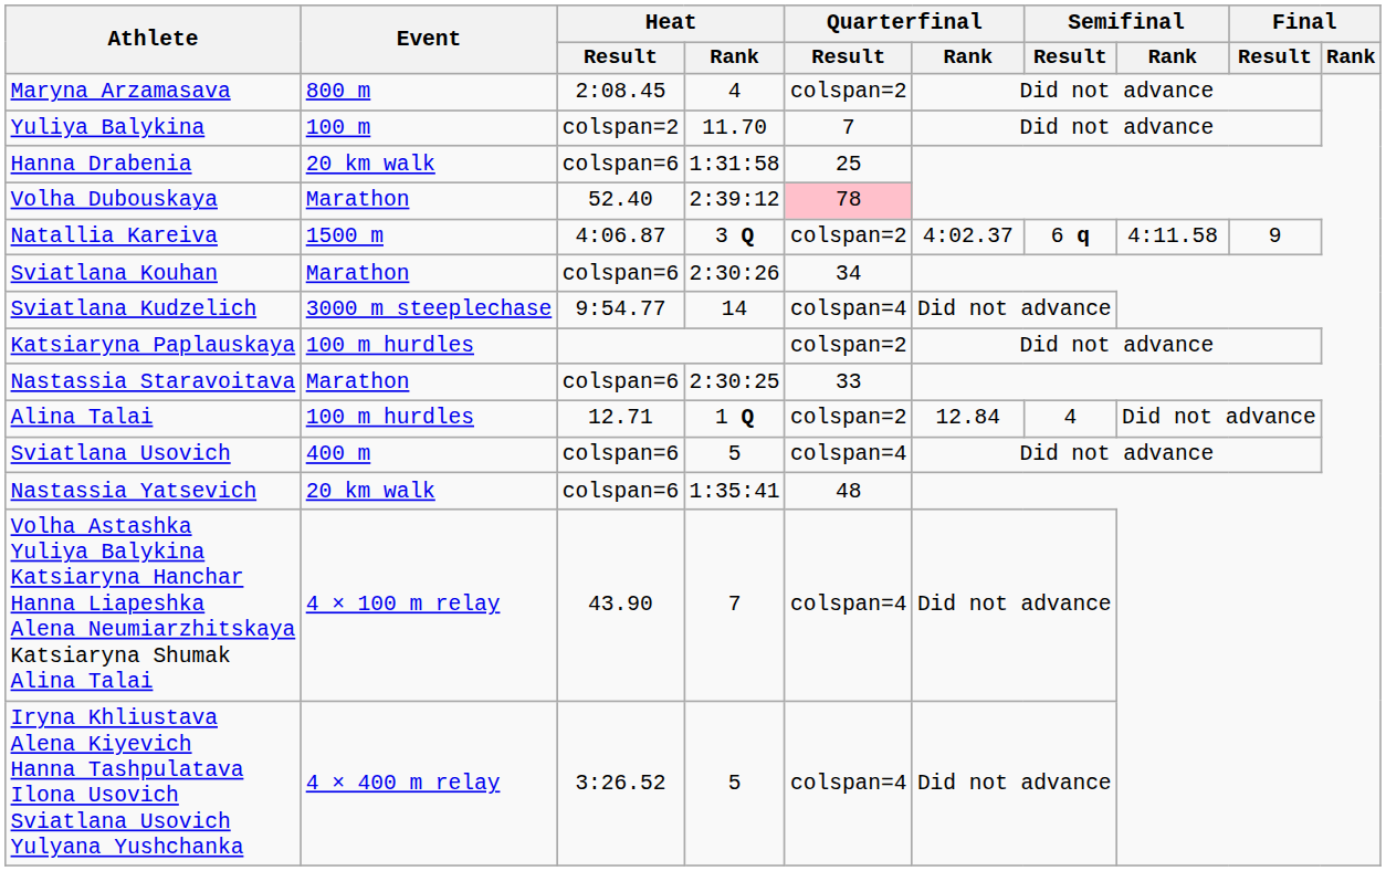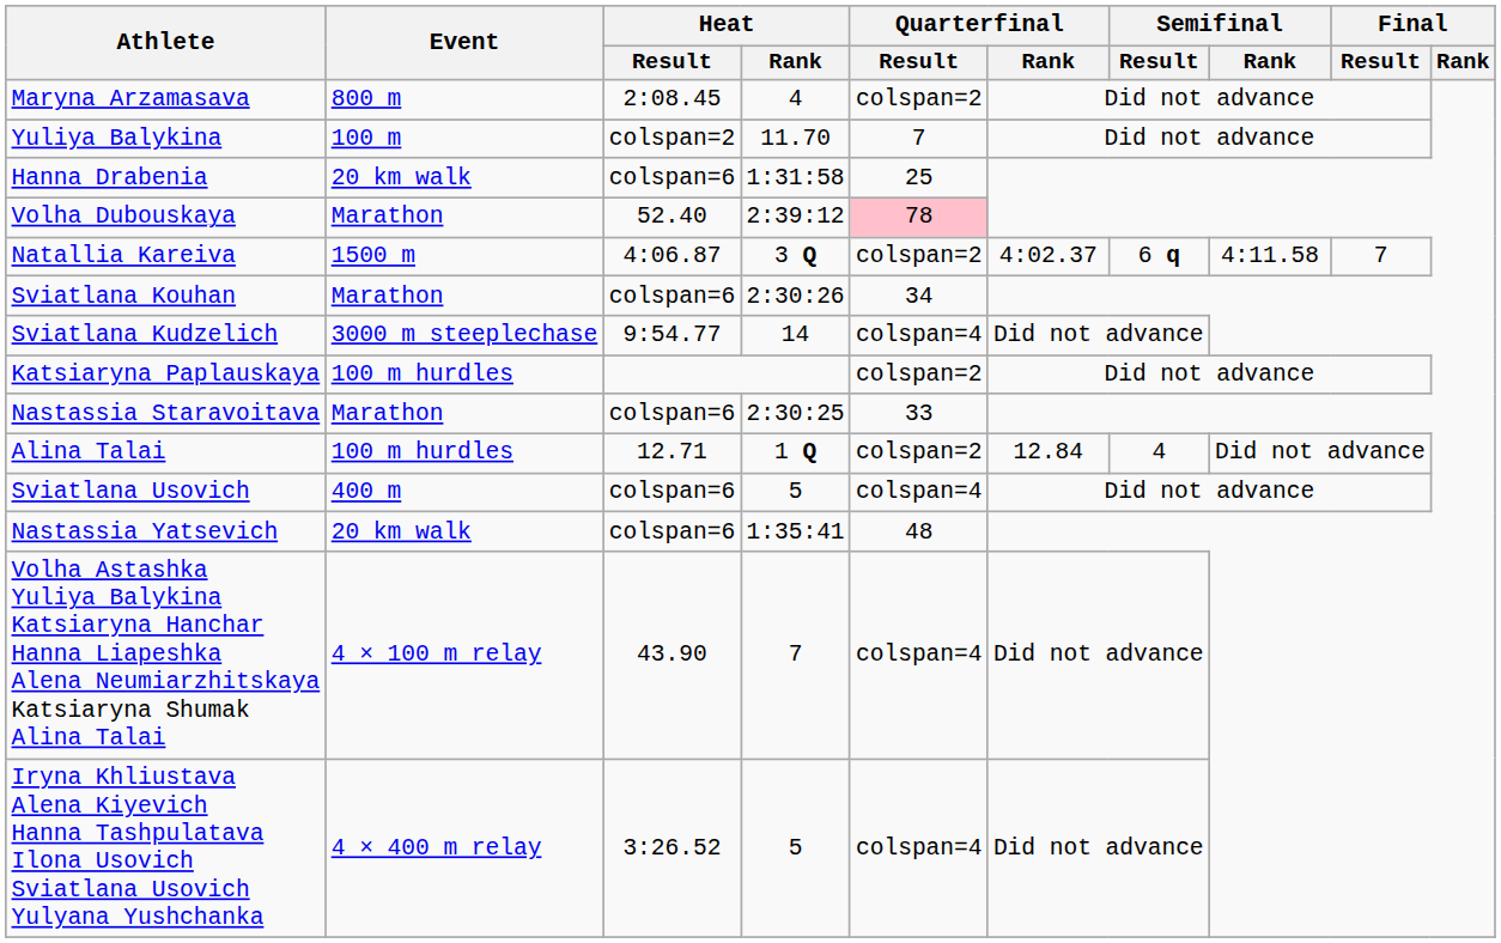 <table class="wikitable" style="font-size:90%">
 <tr>
 <th rowspan="2">Athlete</th>
 <th rowspan="2">Event</th>
 <th colspan="2">Heat</th>
 <th colspan="2">Quarterfinal</th>
 <th colspan="2">Semifinal</th>
 <th colspan="2">Final</th>
 </tr>
 <tr style="font-size:95%">
 <th>Result</th>
 <th>Rank</th>
 <th>Result</th>
 <th>Rank</th>
 <th>Result</th>
 <th>Rank</th>
 <th>Result</th>
 <th>Rank</th>
 </tr>
 <tr align=center>
 <td align=left><a href='#'>Maryna Arzamasava</a></td>
 <td align=left><a href='#'>800 m</a></td>
 <td>2:08.45</td>
 <td>4</td>
 <td>colspan=2 </td>
 <td colspan=4>Did not advance</td>
 </tr>
 <tr align=center>
 <td align=left><a href='#'>Yuliya Balykina</a></td>
 <td align=left><a href='#'>100 m</a></td>
 <td>colspan=2 </td>
 <td>11.70</td>
 <td>7</td>
 <td colspan=4>Did not advance</td>
 </tr>
 <tr align=center>
 <td align=left><a href='#'>Hanna Drabenia</a></td>
 <td align=left><a href='#'>20 km walk</a></td>
 <td>colspan=6 </td>
 <td>1:31:58</td>
 <td>25</td>
 </tr>
 <tr align=center>
 <td align=left><a href='#'>Volha Dubouskaya</a></td>
 <td align=left><a href='#'>Marathon</a></td>
 <td>52.40</td>
 <td>2:39:12</td>
 <td style="background: pink;">78</td>
 </tr>
 <tr align=center>
 <td align=left><a href='#'>Natallia Kareiva</a></td>
 <td align=left><a href='#'>1500 m</a></td>
 <td>4:06.87</td>
 <td>3 <strong>Q</strong></td>
 <td>colspan=2 </td>
 <td>4:02.37</td>
 <td>6 <strong>q</strong></td>
 <td>4:11.58</td>
-<td>9</td>
+<td>7</td>
 </tr>
 <tr align=center>
 <td align=left><a href='#'>Sviatlana Kouhan</a></td>
 <td align=left><a href='#'>Marathon</a></td>
 <td>colspan=6 </td>
 <td>2:30:26</td>
 <td>34</td>
 </tr>
 <tr align=center>
 <td align=left><a href='#'>Sviatlana Kudzelich</a></td>
 <td align=left><a href='#'>3000 m steeplechase</a></td>
 <td>9:54.77</td>
 <td>14</td>
 <td>colspan=4 </td>
 <td colspan=2>Did not advance</td>
 </tr>
 <tr align=center>
 <td align=left><a href='#'>Katsiaryna Paplauskaya</a></td>
 <td align=left><a href='#'>100 m hurdles</a></td>
 <td colspan=2></td>
 <td>colspan=2 </td>
 <td colspan=4>Did not advance</td>
 </tr>
 <tr align=center>
 <td align=left><a href='#'>Nastassia Staravoitava</a></td>
 <td align=left><a href='#'>Marathon</a></td>
 <td>colspan=6 </td>
 <td>2:30:25</td>
 <td>33</td>
 </tr>
 <tr align=center>
 <td align=left><a href='#'>Alina Talai</a></td>
 <td align=left><a href='#'>100 m hurdles</a></td>
 <td>12.71</td>
 <td>1 <strong>Q</strong></td>
 <td>colspan=2 </td>
 <td>12.84</td>
 <td>4</td>
 <td colspan=2>Did not advance</td>
 </tr>
 <tr align=center>
 <td align=left><a href='#'>Sviatlana Usovich</a></td>
 <td align=left><a href='#'>400 m</a></td>
 <td>colspan=6 </td>
 <td>5</td>
 <td>colspan=4 </td>
 <td colspan=4>Did not advance</td>
 </tr>
 <tr align=center>
 <td align=left><a href='#'>Nastassia Yatsevich</a></td>
 <td align=left><a href='#'>20 km walk</a></td>
 <td>colspan=6 </td>
 <td>1:35:41</td>
 <td>48</td>
 </tr>
 <tr align=center>
 <td align=left><a href='#'>Volha Astashka</a><br><a href='#'>Yuliya Balykina</a><br><a href='#'>Katsiaryna Hanchar</a><br><a href='#'>Hanna Liapeshka</a><br><a href='#'>Alena Neumiarzhitskaya</a><br>Katsiaryna Shumak<br><a href='#'>Alina Talai</a></td>
 <td align=left><a href='#'>4 × 100 m relay</a></td>
 <td>43.90</td>
 <td>7</td>
 <td>colspan=4 </td>
 <td colspan=2>Did not advance</td>
 </tr>
 <tr align=center>
 <td align=left><a href='#'>Iryna Khliustava</a><br><a href='#'>Alena Kiyevich</a><br><a href='#'>Hanna Tashpulatava</a><br><a href='#'>Ilona Usovich</a><br><a href='#'>Sviatlana Usovich</a><br><a href='#'>Yulyana Yushchanka</a></td>
 <td align=left><a href='#'>4 × 400 m relay</a></td>
 <td>3:26.52</td>
 <td>5</td>
 <td>colspan=4 </td>
 <td colspan=2>Did not advance</td>
 </tr>
 </table>
